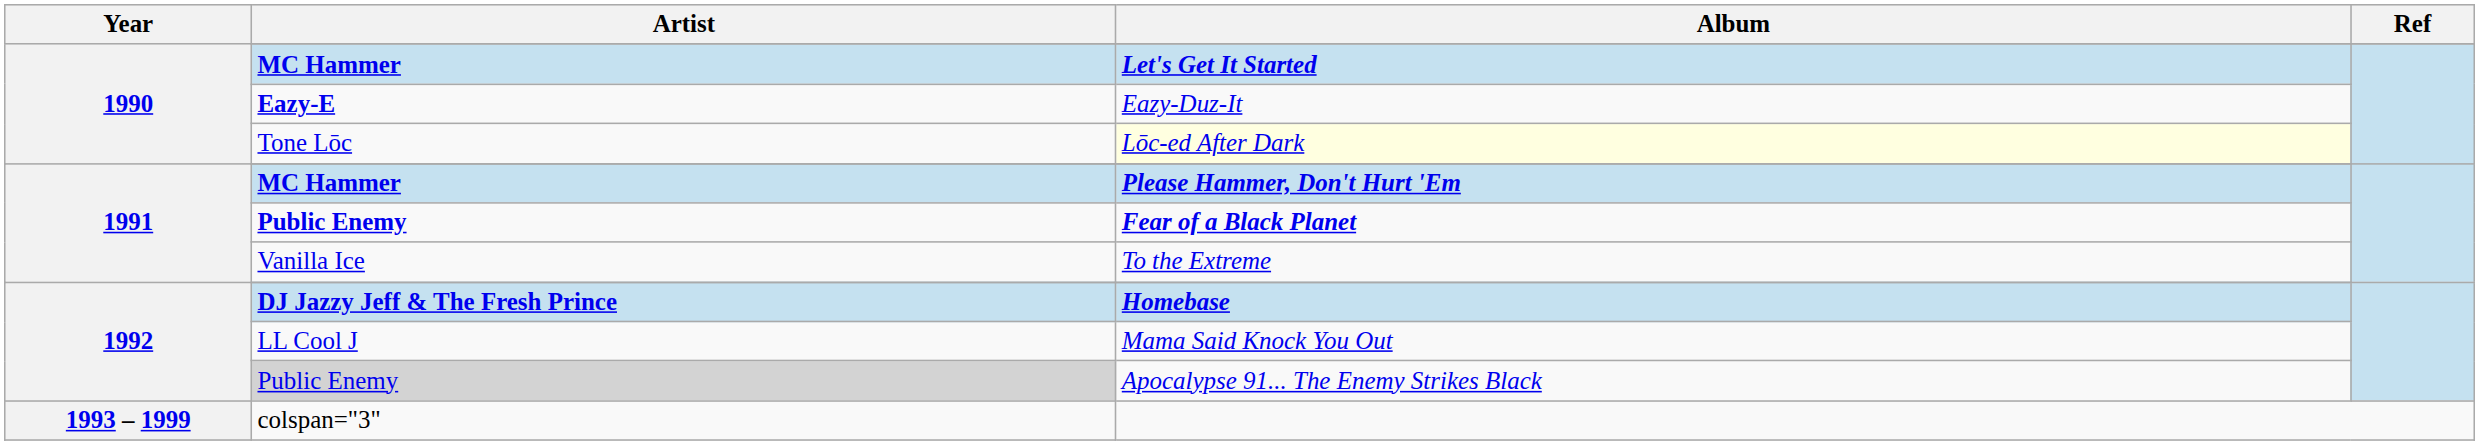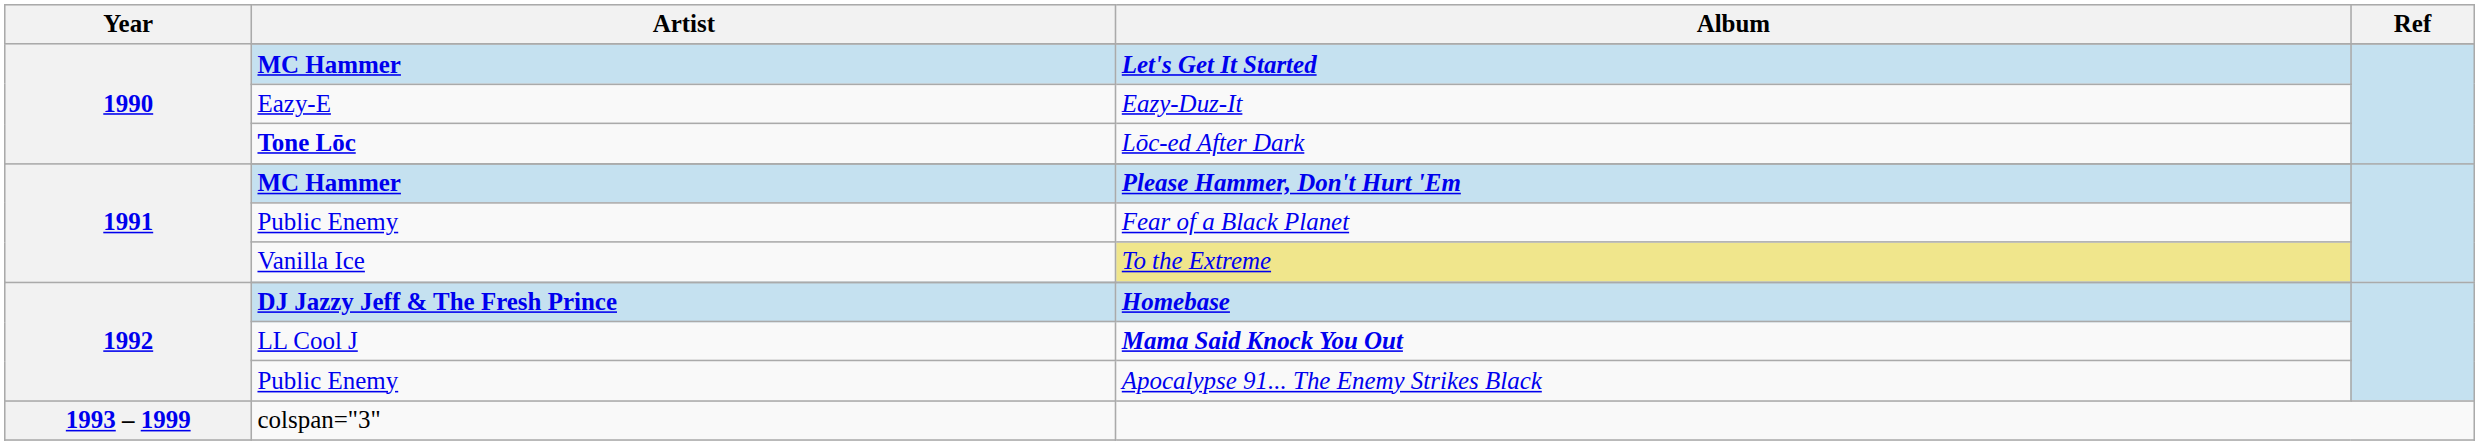 <table class="wikitable" width="100%">
 <tr>
 <th width="10%">Year</th>
 <th width="35%">Artist</th>
 <th width="50%">Album</th>
 <th width="5%">Ref</th>
 </tr>
 <tr>
 <th rowspan="4" align="center"><a href='#'>1990<br></a></th>
 </tr>
 <tr style="background:#c5e1f0">
 <td><strong><a href='#'>MC Hammer</a></strong></td>
 <td><strong><em><a href='#'>Let's Get It Started</a></em></strong></td>
 <td rowspan="4" align="center"></td>
 </tr>
 <tr>
-<td><strong><a href='#'>Eazy-E</a></strong></td>
+<td><a href='#'>Eazy-E</a></td>
 <td><em><a href='#'>Eazy-Duz-It</a></em></td>
 </tr>
 <tr>
-<td><a href='#'>Tone Lōc</a></td>
-<td style="background: lightyellow;"><em><a href='#'>Lōc-ed After Dark</a></em></td>
+<td><strong><a href='#'>Tone Lōc</a></strong></td>
+<td><em><a href='#'>Lōc-ed After Dark</a></em></td>
 </tr>
 <tr>
 <th rowspan="4" align="center"><a href='#'>1991<br></a></th>
 </tr>
 <tr style="background:#c5e1f0">
 <td><strong><a href='#'>MC Hammer</a></strong></td>
 <td><strong><em><a href='#'>Please Hammer, Don't Hurt 'Em</a></em></strong></td>
 <td rowspan="4" align="center"></td>
 </tr>
 <tr>
-<td><strong><a href='#'>Public Enemy</a></strong></td>
-<td><strong><em><a href='#'>Fear of a Black Planet</a></em></strong></td>
+<td><a href='#'>Public Enemy</a></td>
+<td><em><a href='#'>Fear of a Black Planet</a></em></td>
 </tr>
 <tr>
 <td><a href='#'>Vanilla Ice</a></td>
-<td><em><a href='#'>To the Extreme</a></em></td>
+<td style="background: khaki;"><em><a href='#'>To the Extreme</a></em></td>
 </tr>
 <tr>
 <th rowspan="4" align="center"><a href='#'>1992<br></a></th>
 </tr>
 <tr style="background:#c5e1f0">
 <td><strong><a href='#'>DJ Jazzy Jeff & The Fresh Prince</a></strong></td>
 <td><strong><em><a href='#'>Homebase</a></em></strong></td>
 <td rowspan="3" align="center"></td>
 </tr>
 <tr>
 <td><a href='#'>LL Cool J</a></td>
-<td><em><a href='#'>Mama Said Knock You Out</a></em></td>
+<td><strong><em><a href='#'>Mama Said Knock You Out</a></em></strong></td>
 </tr>
 <tr>
-<td style="background: lightgrey;"><a href='#'>Public Enemy</a></td>
+<td><a href='#'>Public Enemy</a></td>
 <td><em><a href='#'>Apocalypse 91... The Enemy Strikes Black</a></em></td>
 </tr>
 <tr>
 <th align="center"><a href='#'>1993</a> – <a href='#'>1999</a></th>
 <td>colspan="3" </td>
 </tr>
 </table>
